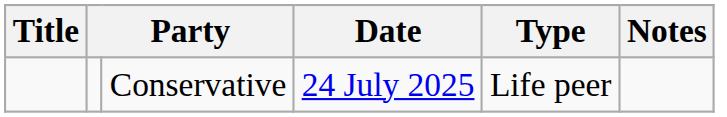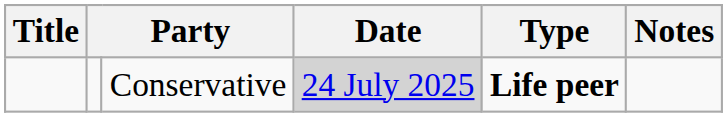 <table class="wikitable sortable">
 <tr>
 <th>Title</th>
 <th colspan=2>Party</th>
 <th>Date</th>
 <th>Type</th>
 <th class=unsortable>Notes</th>
 </tr>
 <tr>
 <td></td>
 <td></td>
 <td>Conservative</td>
-<td><a href='#'>24 July 2025</a></td>
-<td>Life peer</td>
+<td style="background: lightgrey;"><a href='#'>24 July 2025</a></td>
+<td><strong>Life peer</strong></td>
 </tr>
 </table>
